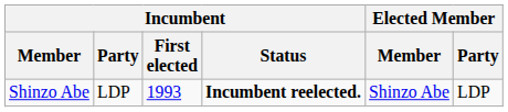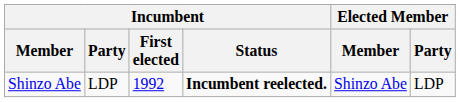 <table class="wikitable sortable">
 <tr>
 <th colspan=4>Incumbent</th>
 <th colspan=2>Elected Member</th>
 </tr>
 <tr>
 <th>Member</th>
 <th>Party</th>
 <th>First<br>elected</th>
 <th>Status</th>
 <th>Member</th>
 <th>Party</th>
 </tr>
 <tr>
 <td><a href='#'>Shinzo Abe</a></td>
 <td>LDP</td>
-<td><a href='#'>1993</a></td>
+<td><a href='#'>1992</a></td>
 <td><strong>Incumbent reelected.</strong></td>
 <td><a href='#'>Shinzo Abe</a></td>
 <td>LDP</td>
 </tr>
 </table>
